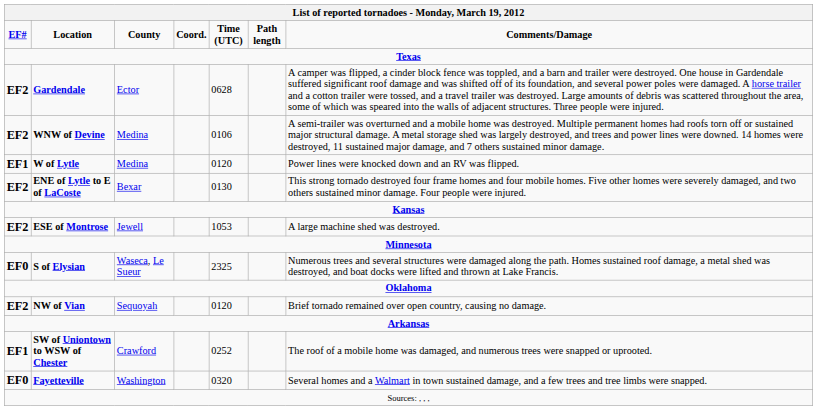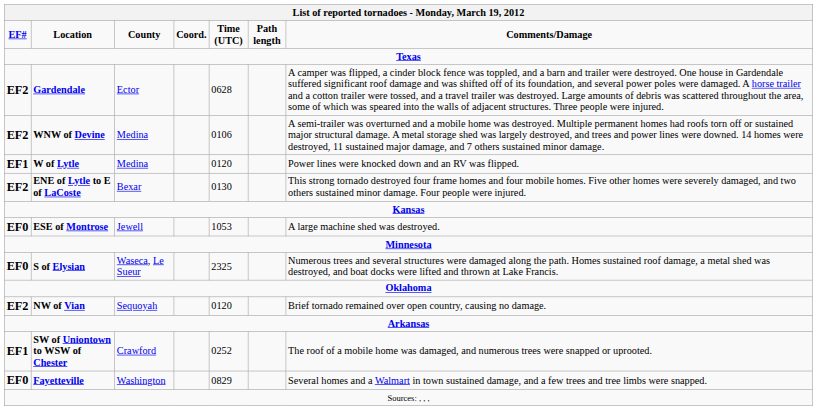 <table class="wikitable collapsible" width="100%">
 <tr>
 <th colspan="7">List of reported tornadoes - Monday, March 19, 2012</th>
 </tr>
 <tr style="text-align:center;">
 <td><strong><a href='#'>EF#</a></strong></td>
 <td><strong>Location</strong></td>
 <td><strong>County</strong></td>
 <td><strong>Coord.</strong></td>
 <td><strong>Time (UTC)</strong></td>
 <td><strong>Path length</strong></td>
 <td><strong>Comments/Damage</strong></td>
 </tr>
 <tr>
 <td colspan="7" align=center><strong><a href='#'>Texas</a></strong></td>
 </tr>
 <tr>
 <td><big><strong>EF2</strong></big></td>
 <td><strong><a href='#'>Gardendale</a></strong></td>
 <td><a href='#'>Ector</a></td>
 <td></td>
 <td>0628</td>
 <td></td>
 <td>A camper was flipped, a cinder block fence was toppled, and a barn and trailer were destroyed. One house in Gardendale suffered significant roof damage and was shifted off of its foundation, and several power poles were damaged. A <a href='#'>horse trailer</a> and a cotton trailer were tossed, and a travel trailer was destroyed. Large amounts of debris was scattered throughout the area, some of which was speared into the walls of adjacent structures. Three people were injured.</td>
 </tr>
 <tr>
 <td><big><strong>EF2</strong></big></td>
 <td><strong>WNW of <a href='#'>Devine</a></strong></td>
 <td><a href='#'>Medina</a></td>
 <td></td>
 <td>0106</td>
 <td></td>
 <td>A semi-trailer was overturned and a mobile home was destroyed. Multiple permanent homes had roofs torn off or sustained major structural damage. A metal storage shed was largely destroyed, and trees and power lines were downed. 14 homes were destroyed, 11 sustained major damage, and 7 others sustained minor damage.</td>
 </tr>
 <tr>
 <td><big><strong>EF1</strong></big></td>
 <td><strong>W of <a href='#'>Lytle</a></strong></td>
 <td><a href='#'>Medina</a></td>
 <td></td>
 <td>0120</td>
 <td></td>
 <td>Power lines were knocked down and an RV was flipped.</td>
 </tr>
 <tr>
 <td><big><strong>EF2</strong></big></td>
 <td><strong>ENE of <a href='#'>Lytle</a> to E of <a href='#'>LaCoste</a></strong></td>
 <td><a href='#'>Bexar</a></td>
 <td></td>
 <td>0130</td>
 <td></td>
 <td>This strong tornado destroyed four frame homes and four mobile homes. Five other homes were severely damaged, and two others sustained minor damage. Four people were injured.</td>
 </tr>
 <tr>
 <td colspan="7" align=center><strong><a href='#'>Kansas</a></strong></td>
 </tr>
 <tr>
-<td><big><strong>EF2</strong></big></td>
+<td><big><strong>EF0</strong></big></td>
 <td><strong>ESE of <a href='#'>Montrose</a></strong></td>
 <td><a href='#'>Jewell</a></td>
 <td></td>
 <td>1053</td>
 <td></td>
 <td>A large machine shed was destroyed.</td>
 </tr>
 <tr>
 <td colspan="7" align=center><strong><a href='#'>Minnesota</a></strong></td>
 </tr>
 <tr>
 <td><big><strong>EF0</strong></big></td>
 <td><strong>S of <a href='#'>Elysian</a></strong></td>
 <td><a href='#'>Waseca</a>, <a href='#'>Le Sueur</a></td>
 <td></td>
 <td>2325</td>
 <td></td>
 <td>Numerous trees and several structures were damaged along the path. Homes sustained roof damage, a metal shed was destroyed, and boat docks were lifted and thrown at Lake Francis.</td>
 </tr>
 <tr>
 <td colspan="7" align=center><strong><a href='#'>Oklahoma</a></strong></td>
 </tr>
 <tr>
 <td><big><strong>EF2</strong></big></td>
 <td><strong>NW of <a href='#'>Vian</a></strong></td>
 <td><a href='#'>Sequoyah</a></td>
 <td></td>
 <td>0120</td>
 <td></td>
 <td>Brief tornado remained over open country, causing no damage.</td>
 </tr>
 <tr>
 <td colspan="7" align=center><strong><a href='#'>Arkansas</a></strong></td>
 </tr>
 <tr>
 <td><big><strong>EF1</strong></big></td>
 <td><strong>SW of <a href='#'>Uniontown</a> to WSW of <a href='#'>Chester</a></strong></td>
 <td><a href='#'>Crawford</a></td>
 <td></td>
 <td>0252</td>
 <td></td>
 <td>The roof of a mobile home was damaged, and numerous trees were snapped or uprooted.</td>
 </tr>
 <tr>
 <td><big><strong>EF0</strong></big></td>
 <td><strong><a href='#'>Fayetteville</a></strong></td>
 <td><a href='#'>Washington</a></td>
 <td></td>
-<td>0320</td>
+<td>0829</td>
 <td></td>
 <td>Several homes and a <a href='#'>Walmart</a> in town sustained damage, and a few trees and tree limbs were snapped.</td>
 </tr>
 <tr>
 <td colspan="7" align=center><small>Sources: , , , </small></td>
 </tr>
 </table>
